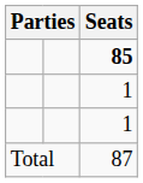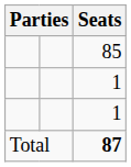 <table class="wikitable" style="text-align:left;">
 <tr>
 <th colspan="2" style="text-align:left;">Parties</th>
 <th>Seats</th>
 </tr>
 <tr>
 <td></td>
 <td></td>
-<td style="text-align:right;"><strong>85</strong></td>
+<td style="text-align:right;">85</td>
 </tr>
 <tr>
 <td></td>
 <td></td>
 <td style="text-align:right;">1</td>
 </tr>
 <tr>
 <td></td>
 <td></td>
 <td style="text-align:right;">1</td>
 </tr>
 <tr>
 <td colspan="2" style="text-align:left;">Total</td>
-<td style="text-align:right;">87</td>
+<td style="text-align:right;"><strong>87</strong></td>
 </tr>
 </table>
